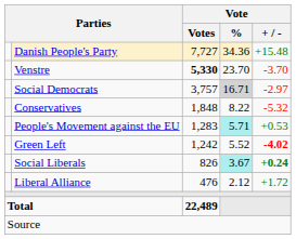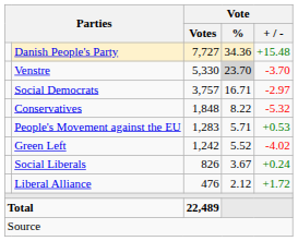 <table class="wikitable" style="text-align:right;">
 <tr>
 <th style="text-align:centre;" rowspan="2" colspan="2" width="225">Parties</th>
 <th colspan="3">Vote</th>
 </tr>
 <tr>
 <th width="15">Votes</th>
 <th width="15">%</th>
 <th width="15">+ / -</th>
 </tr>
 <tr>
 <td width="2" style="color:inherit;background:"></td>
 <td bgcolor=#fef2cc   align="left"><a href='#'>Danish People's Party</a></td>
 <td bgcolor=#fef2cc>7,727</td>
 <td bgcolor=#fef2cc>34.36</td>
 <td style=color:green;>+15.48</td>
 </tr>
 <tr>
 <td width="2" style="color:inherit;background:"></td>
 <td align="left"><a href='#'>Venstre</a></td>
-<td><strong>5,330</strong></td>
-<td>23.70</td>
+<td>5,330</td>
+<td style="background: lightgrey;">23.70</td>
 <td style=color:red;>-3.70</td>
 </tr>
 <tr>
 <td width="2" style="color:inherit;background:"></td>
 <td align="left"><a href='#'>Social Democrats</a></td>
 <td>3,757</td>
-<td style="background: lightgrey;">16.71</td>
+<td>16.71</td>
 <td style=color:red;>-2.97</td>
 </tr>
 <tr>
 <td width="2" style="color:inherit;background:"></td>
 <td align="left"><a href='#'>Conservatives</a></td>
 <td>1,848</td>
 <td>8.22</td>
 <td style=color:red;>-5.32</td>
 </tr>
 <tr>
 <td width="2" style="color:inherit;background:"></td>
 <td align="left"><a href='#'>People's Movement against the EU</a></td>
 <td>1,283</td>
-<td style="background: paleturquoise;">5.71</td>
+<td>5.71</td>
 <td style=color:green;>+0.53</td>
 </tr>
 <tr>
 <td width="2" style="color:inherit;background:"></td>
 <td align="left"><a href='#'>Green Left</a></td>
 <td>1,242</td>
 <td>5.52</td>
-<td style=color:red;><strong>-4.02</strong></td>
+<td style=color:red;>-4.02</td>
 </tr>
 <tr>
 <td width="2" style="color:inherit;background:"></td>
 <td align="left"><a href='#'>Social Liberals</a></td>
 <td>826</td>
-<td style="background: paleturquoise;">3.67</td>
-<td style=color:green;><strong>+0.24</strong></td>
+<td>3.67</td>
+<td style=color:green;>+0.24</td>
 </tr>
 <tr>
 <td width="2" style="color:inherit;background:"></td>
 <td align="left"><a href='#'>Liberal Alliance</a></td>
 <td>476</td>
 <td>2.12</td>
 <td style=color:green;>+1.72</td>
 </tr>
 <tr>
 <td colspan="7" bgcolor="#E9E9E9"></td>
 </tr>
 <tr>
 <td align="left" colspan="2"><strong>Total</strong></td>
 <td><strong>22,489</strong></td>
 <td bgcolor="#E9E9E9" colspan="2"></td>
 </tr>
 <tr>
 <td align="left" colspan="6">Source</td>
 </tr>
 </table>
